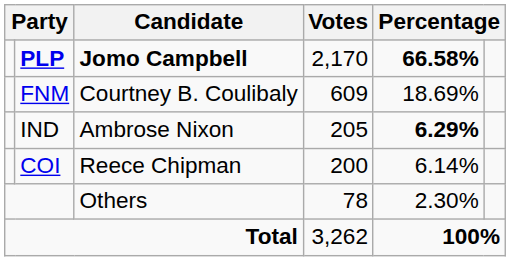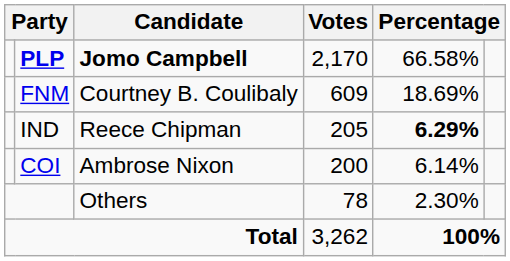 <table class="wikitable" style="text-align:right;">
 <tr>
 <th colspan="2">Party</th>
 <th>Candidate</th>
 <th>Votes</th>
 <th colspan="2">Percentage</th>
 </tr>
 <tr>
 <td style="background-color:"></td>
 <td style="text-align:left;"><strong><a href='#'>PLP</a></strong></td>
 <td style="text-align:left;"><strong>Jomo Campbell</strong></td>
 <td style="text-align:right;">2,170</td>
-<td style="text-align:right;"><strong>66.58%</strong></td>
+<td style="text-align:right;">66.58%</td>
 <td style="text-align:right;"><div><div> </div></div></td>
 </tr>
 <tr>
 <td style="background-color:"></td>
 <td style="text-align:left;"><a href='#'>FNM</a></td>
 <td style="text-align:left;">Courtney B. Coulibaly</td>
 <td style="text-align:right;">609</td>
 <td style="text-align:right;">18.69%</td>
 <td style="text-align:right;"><div><div> </div></div></td>
 </tr>
 <tr>
 <td style="background-color:"></td>
 <td style="text-align:left;">IND</td>
-<td style="text-align:left;">Ambrose Nixon</td>
+<td style="text-align:left;">Reece Chipman</td>
 <td style="text-align:right;">205</td>
 <td style="text-align:right;"><strong>6.29%</strong></td>
 <td style="text-align:right;"><div><div> </div></div></td>
 </tr>
 <tr>
 <td style="background-color:"></td>
 <td style="text-align:left;"><a href='#'>COI</a></td>
-<td style="text-align:left;">Reece Chipman</td>
+<td style="text-align:left;">Ambrose Nixon</td>
 <td style="text-align:right;">200</td>
 <td style="text-align:right;">6.14%</td>
 <td style="text-align:right;"><div><div> </div></div></td>
 </tr>
 <tr>
 <td colspan="2"> </td>
 <td style="text-align:left;">Others</td>
 <td style="text-align:right;">78</td>
 <td style="text-align:right;">2.30%</td>
 <td style="text-align:right;"><div><div> </div></div></td>
 </tr>
 <tr>
 <td colspan="3" style="text-align:right;"><strong>Total</strong></td>
 <td style="text-align:right;">3,262</td>
 <td colspan="2" style="text-align:right;"><strong>100%</strong></td>
 </tr>
 </table>
